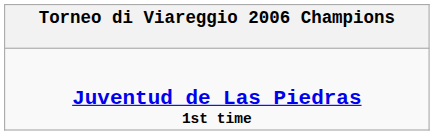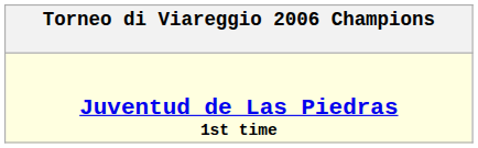 <table class="wikitable" style="margin: 0 auto; width: 30%;">
 <tr>
 <th><big>Torneo di Viareggio 2006 Champions</big><br><br></th>
 </tr>
 <tr>
-<td align=center><br><br><big><big><strong><a href='#'>Juventud de Las Piedras</a></strong><br></big></big><strong>1st time</strong></td>
+<td align=center style="background: lightyellow;"><br><br><big><big><strong><a href='#'>Juventud de Las Piedras</a></strong><br></big></big><strong>1st time</strong></td>
 </tr>
 </table>
